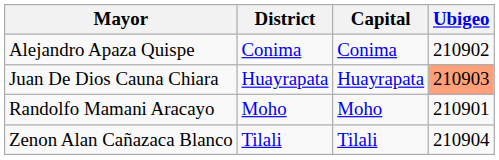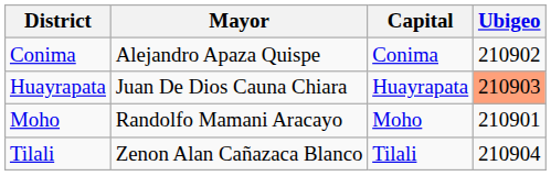 <table class="wikitable sortable">
 <tr>
+<th>District</th>
 <th>Mayor</th>
-<th>District</th>
 <th>Capital</th>
 <th><a href='#'>Ubigeo</a></th>
 </tr>
 <tr>
+<td><a href='#'>Conima</a></td>
 <td>Alejandro Apaza Quispe</td>
-<td><a href='#'>Conima</a></td>
 <td><a href='#'>Conima</a></td>
 <td>210902</td>
 </tr>
 <tr>
+<td><a href='#'>Huayrapata</a></td>
 <td>Juan De Dios Cauna Chiara</td>
-<td><a href='#'>Huayrapata</a></td>
 <td><a href='#'>Huayrapata</a></td>
 <td style="background: lightsalmon;">210903</td>
 </tr>
 <tr>
+<td><a href='#'>Moho</a></td>
 <td>Randolfo Mamani Aracayo</td>
-<td><a href='#'>Moho</a></td>
 <td><a href='#'>Moho</a></td>
 <td>210901</td>
 </tr>
 <tr>
+<td><a href='#'>Tilali</a></td>
 <td>Zenon Alan Cañazaca Blanco</td>
-<td><a href='#'>Tilali</a></td>
 <td><a href='#'>Tilali</a></td>
 <td>210904</td>
 </tr>
 </table>
